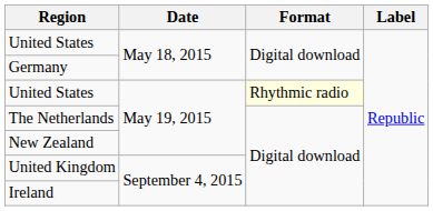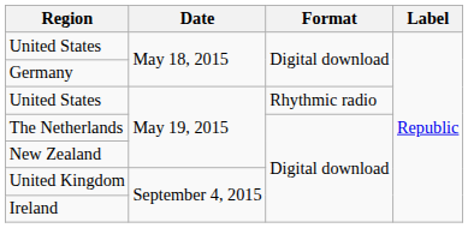 <table class=wikitable>
 <tr>
 <th>Region</th>
 <th>Date</th>
 <th>Format</th>
 <th>Label</th>
 </tr>
 <tr>
 <td>United States</td>
 <td rowspan="2">May 18, 2015</td>
 <td rowspan="2">Digital download</td>
 <td rowspan="7"><a href='#'>Republic</a></td>
 </tr>
 <tr>
 <td>Germany</td>
 </tr>
 <tr>
 <td>United States</td>
 <td rowspan="3">May 19, 2015</td>
-<td style="background: lightyellow;">Rhythmic radio</td>
+<td>Rhythmic radio</td>
 </tr>
 <tr>
 <td>The Netherlands</td>
 <td rowspan="4">Digital download</td>
 </tr>
 <tr>
 <td>New Zealand</td>
 </tr>
 <tr>
 <td>United Kingdom</td>
 <td rowspan="2">September 4, 2015</td>
 </tr>
 <tr>
 <td>Ireland</td>
 </tr>
 </table>
